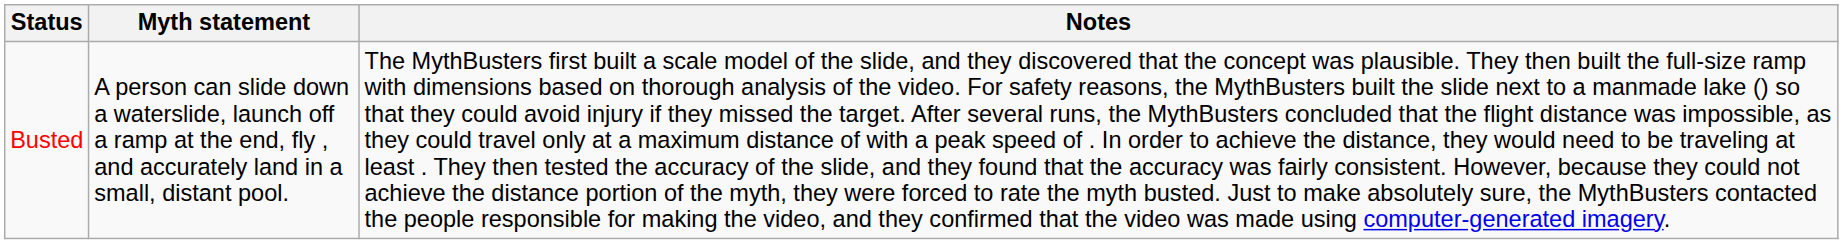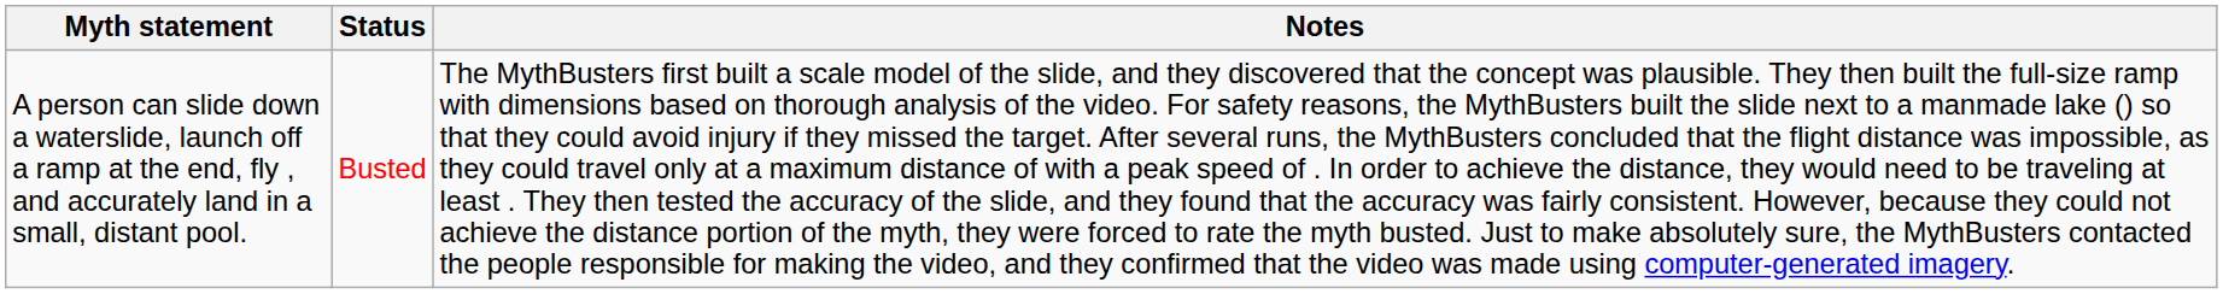 <table class="wikitable plainrowheaders">
 <tr>
+<th>Myth statement</th>
 <th>Status</th>
-<th>Myth statement</th>
 <th>Notes</th>
 </tr>
 <tr>
+<td>A person can slide down a  waterslide, launch off a ramp at the end, fly , and accurately land in a small, distant pool.</td>
 <td style="color:red">Busted</td>
-<td>A person can slide down a  waterslide, launch off a ramp at the end, fly , and accurately land in a small, distant pool.</td>
 <td>The MythBusters first built a scale model of the slide, and they discovered that the concept was plausible. They then built the full-size ramp with dimensions based on thorough analysis of the video. For safety reasons, the MythBusters built the slide next to a manmade lake () so that they could avoid injury if they missed the target. After several runs, the MythBusters concluded that the  flight distance was impossible, as they could travel only at a maximum distance of  with a peak speed of . In order to achieve the  distance, they would need to be traveling at least . They then tested the accuracy of the slide, and they found that the accuracy was fairly consistent. However, because they could not achieve the distance portion of the myth, they were forced to rate the myth busted. Just to make absolutely sure, the MythBusters contacted the people responsible for making the video, and they confirmed that the video was made using <a href='#'>computer-generated imagery</a>.</td>
 </tr>
 </table>
